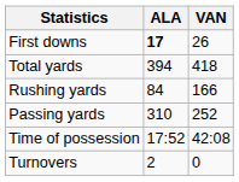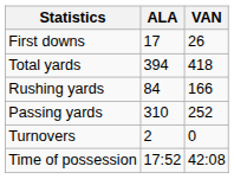 <table class="wikitable" style="float: left;">
 <tr>
 <th>Statistics</th>
 <th>ALA</th>
 <th>VAN</th>
 </tr>
 <tr>
 <td>First downs</td>
-<td><strong>17</strong></td>
+<td>17</td>
 <td>26</td>
 </tr>
 <tr>
 <td>Total yards</td>
 <td>394</td>
 <td>418</td>
 </tr>
 <tr>
 <td>Rushing yards</td>
 <td>84</td>
 <td>166</td>
 </tr>
 <tr>
 <td>Passing yards</td>
 <td>310</td>
 <td>252</td>
 </tr>
 <tr>
+<td>Turnovers</td>
+<td>2</td>
+<td>0</td>
+</tr>
+<tr>
 <td>Time of possession</td>
 <td>17:52</td>
 <td>42:08</td>
 </tr>
-<tr>
-<td>Turnovers</td>
-<td>2</td>
-<td>0</td>
-</tr>
 </table>
